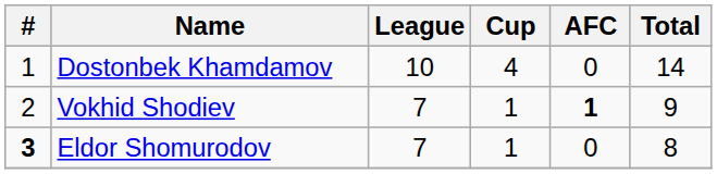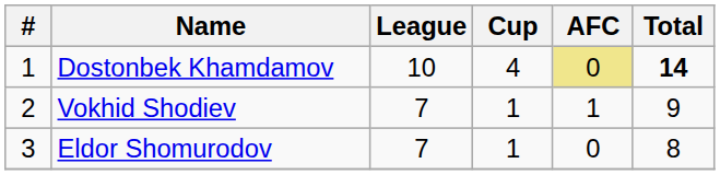 <table class="wikitable sortable"  style="text-align:center; font-size:95%; ">
 <tr>
 <th width=20px>#</th>
 <th width=180px>Name</th>
 <th width=40px>League</th>
 <th width=40px>Cup</th>
 <th width=40px>AFC</th>
 <th width=40px>Total</th>
 </tr>
 <tr>
 <td>1</td>
 <td align=left> <a href='#'>Dostonbek Khamdamov</a></td>
 <td>10</td>
 <td>4</td>
-<td>0</td>
-<td>14</td>
+<td style="background: khaki;">0</td>
+<td><strong>14</strong></td>
 </tr>
 <tr>
 <td>2</td>
 <td align=left> <a href='#'>Vokhid Shodiev</a></td>
 <td>7</td>
 <td>1</td>
-<td><strong>1</strong></td>
+<td>1</td>
 <td>9</td>
 </tr>
 <tr>
-<td><strong>3</strong></td>
+<td>3</td>
 <td align=left> <a href='#'>Eldor Shomurodov</a></td>
 <td>7</td>
 <td>1</td>
 <td>0</td>
 <td>8</td>
 </tr>
 <tr>
 </tr>
 </table>
